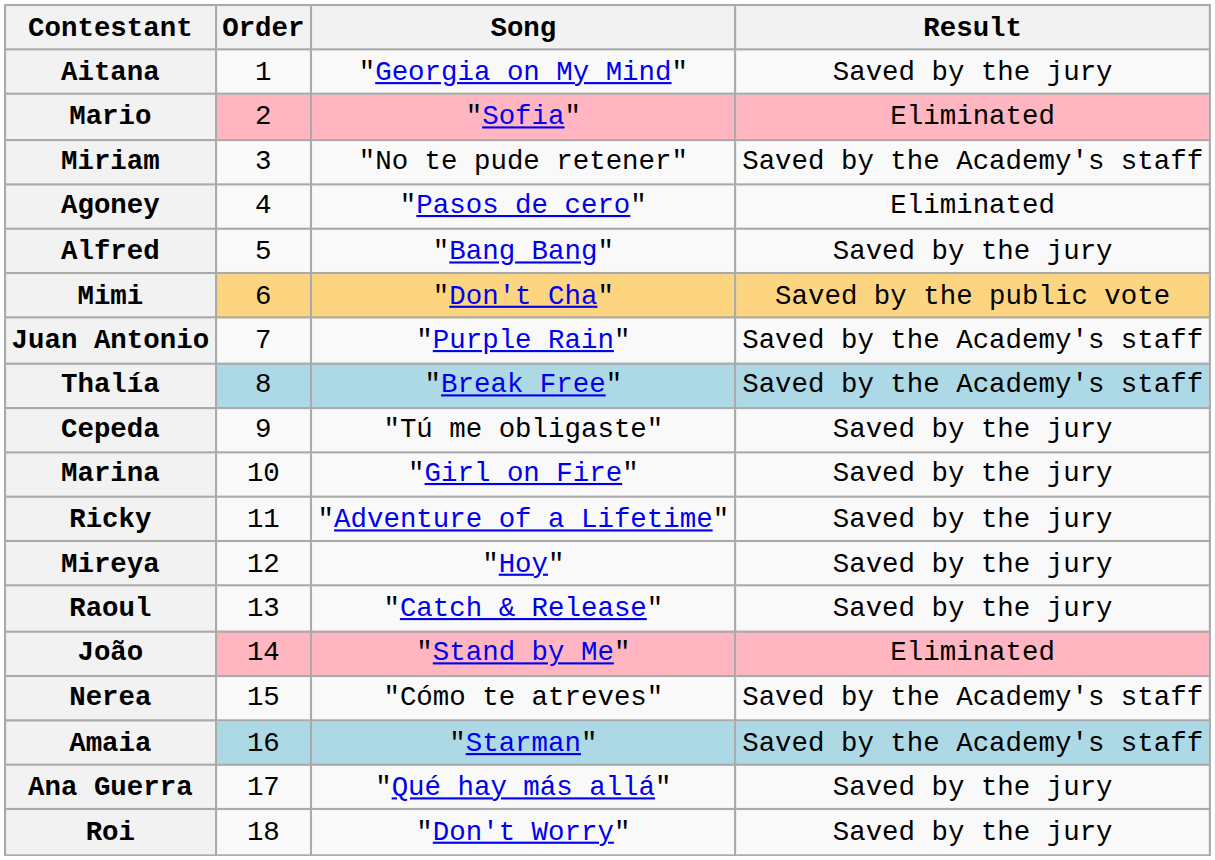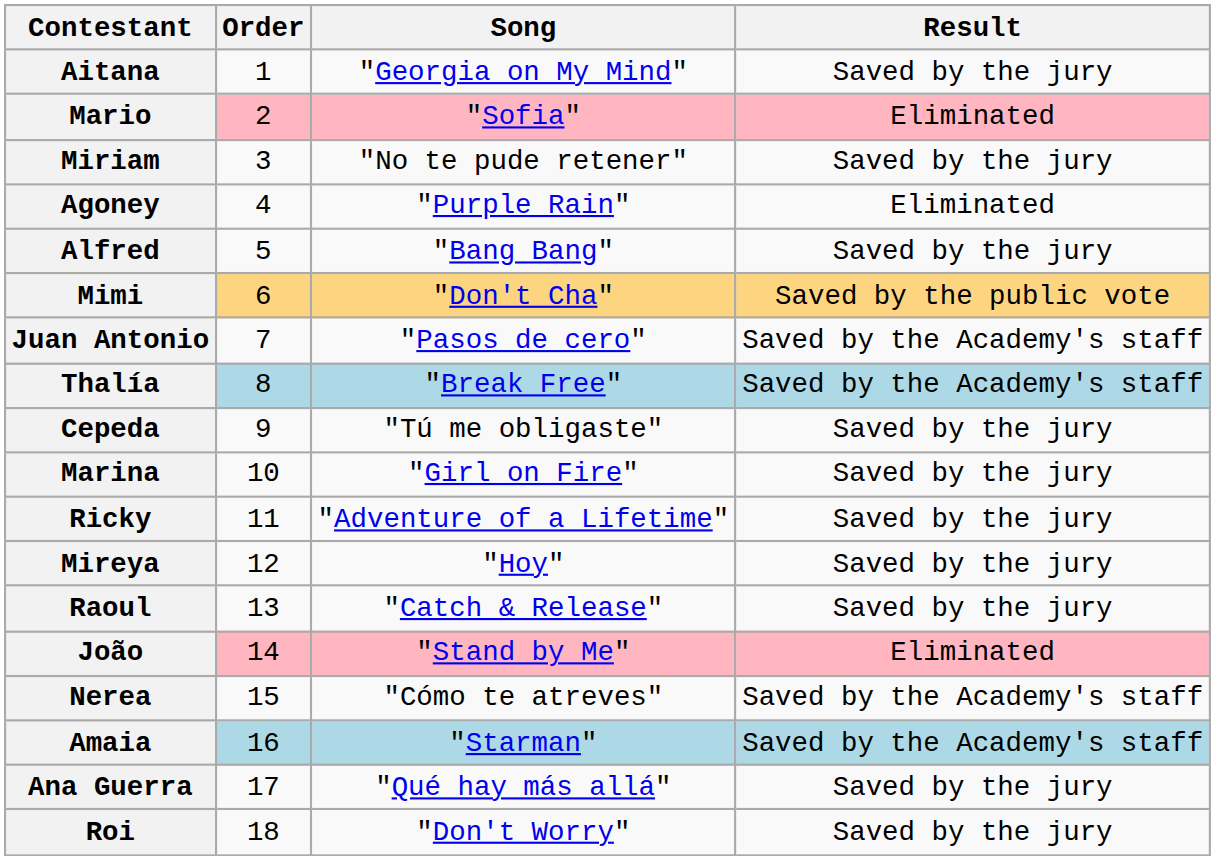 <table class="wikitable plainrowheaders" style="text-align:center;">
 <tr>
 <th scope="col">Contestant</th>
 <th scope="col">Order</th>
 <th scope="col">Song</th>
 <th scope="col">Result</th>
 </tr>
 <tr>
 <th scope="row">Aitana</th>
 <td>1</td>
 <td>"<a href='#'>Georgia on My Mind</a>"</td>
 <td>Saved by the jury</td>
 </tr>
 <tr style="background:lightpink">
 <th scope="row">Mario</th>
 <td>2</td>
 <td>"<a href='#'>Sofia</a>"</td>
 <td>Eliminated</td>
 </tr>
 <tr>
 <th scope="row">Miriam</th>
 <td>3</td>
 <td>"No te pude retener"</td>
-<td>Saved by the Academy's staff</td>
+<td>Saved by the jury</td>
 </tr>
 <tr>
 <th scope="row">Agoney</th>
 <td>4</td>
-<td>"<a href='#'>Pasos de cero</a>"</td>
+<td>"<a href='#'>Purple Rain</a>"</td>
 <td>Eliminated</td>
 </tr>
 <tr>
 <th scope="row">Alfred</th>
 <td>5</td>
 <td>"<a href='#'>Bang Bang</a>"</td>
 <td>Saved by the jury</td>
 </tr>
 <tr style="background:#fdd581;">
 <th scope="row">Mimi</th>
 <td>6</td>
 <td>"<a href='#'>Don't Cha</a>"</td>
 <td>Saved by the public vote</td>
 </tr>
 <tr>
 <th scope="row">Juan Antonio</th>
 <td>7</td>
-<td>"<a href='#'>Purple Rain</a>"</td>
+<td>"<a href='#'>Pasos de cero</a>"</td>
 <td>Saved by the Academy's staff</td>
 </tr>
 <tr style="background:lightblue;">
 <th scope="row">Thalía</th>
 <td>8</td>
 <td>"<a href='#'>Break Free</a>"</td>
 <td>Saved by the Academy's staff</td>
 </tr>
 <tr>
 <th scope="row">Cepeda</th>
 <td>9</td>
 <td>"Tú me obligaste"</td>
 <td>Saved by the jury</td>
 </tr>
 <tr>
 <th scope="row">Marina</th>
 <td>10</td>
 <td>"<a href='#'>Girl on Fire</a>"</td>
 <td>Saved by the jury</td>
 </tr>
 <tr>
 <th scope="row">Ricky</th>
 <td>11</td>
 <td>"<a href='#'>Adventure of a Lifetime</a>"</td>
 <td>Saved by the jury</td>
 </tr>
 <tr>
 <th scope="row">Mireya</th>
 <td>12</td>
 <td>"<a href='#'>Hoy</a>"</td>
 <td>Saved by the jury</td>
 </tr>
 <tr>
 <th scope="row">Raoul</th>
 <td>13</td>
 <td>"<a href='#'>Catch & Release</a>"</td>
 <td>Saved by the jury</td>
 </tr>
 <tr style="background:lightpink">
 <th scope="row">João</th>
 <td>14</td>
 <td>"<a href='#'>Stand by Me</a>"</td>
 <td>Eliminated</td>
 </tr>
 <tr>
 <th scope="row">Nerea</th>
 <td>15</td>
 <td>"Cómo te atreves"</td>
 <td>Saved by the Academy's staff</td>
 </tr>
 <tr style="background:lightblue;">
 <th scope="row">Amaia</th>
 <td>16</td>
 <td>"<a href='#'>Starman</a>"</td>
 <td>Saved by the Academy's staff</td>
 </tr>
 <tr>
 <th scope="row">Ana Guerra</th>
 <td>17</td>
 <td>"<a href='#'>Qué hay más allá</a>"</td>
 <td>Saved by the jury</td>
 </tr>
 <tr>
 <th scope="row">Roi</th>
 <td>18</td>
 <td>"<a href='#'>Don't Worry</a>"</td>
 <td>Saved by the jury</td>
 </tr>
 </table>
